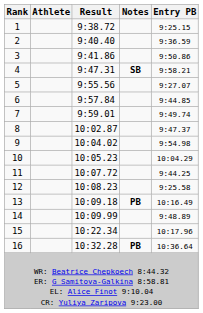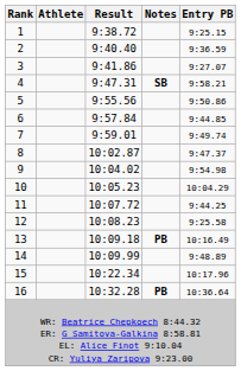 <table class="wikitable sortable" style="text-align:center;">
 <tr>
 <th>Rank</th>
 <th>Athlete</th>
 <th>Result</th>
 <th>Notes</th>
 <th>Entry PB</th>
 </tr>
 <tr>
 <td>1</td>
 <td align=left></td>
 <td>9:38.72</td>
 <td></td>
 <td><small>9:25.15</small></td>
 </tr>
 <tr>
 <td>2</td>
 <td align=left></td>
 <td>9:40.40</td>
 <td></td>
 <td><small>9:36.59</small></td>
 </tr>
 <tr>
 <td>3</td>
 <td align=left></td>
 <td>9:41.86</td>
 <td></td>
-<td><small>9:50.86</small></td>
+<td><small>9:27.07</small></td>
 </tr>
 <tr>
 <td>4</td>
 <td align=left></td>
 <td>9:47.31</td>
 <td><strong>SB</strong></td>
 <td><small>9:58.21</small></td>
 </tr>
 <tr>
 <td>5</td>
 <td align=left></td>
 <td>9:55.56</td>
 <td></td>
-<td><small>9:27.07</small></td>
+<td><small>9:50.86</small></td>
 </tr>
 <tr>
 <td>6</td>
 <td align=left></td>
 <td>9:57.84</td>
 <td></td>
 <td><small>9:44.85</small></td>
 </tr>
 <tr>
 <td>7</td>
 <td align=left></td>
 <td>9:59.01</td>
 <td></td>
 <td><small>9:49.74</small></td>
 </tr>
 <tr>
 <td>8</td>
 <td align=left></td>
 <td>10:02.87</td>
 <td></td>
 <td><small>9:47.37</small></td>
 </tr>
 <tr>
 <td>9</td>
 <td align=left></td>
 <td>10:04.02</td>
 <td></td>
 <td><small>9:54.98</small></td>
 </tr>
 <tr>
 <td>10</td>
 <td align=left></td>
 <td>10:05.23</td>
 <td></td>
 <td><small>10:04.29</small></td>
 </tr>
 <tr>
 <td>11</td>
 <td align=left></td>
 <td>10:07.72</td>
 <td></td>
 <td><small>9:44.25</small></td>
 </tr>
 <tr>
 <td>12</td>
 <td align=left></td>
 <td>10:08.23</td>
 <td></td>
 <td><small>9:25.58</small></td>
 </tr>
 <tr>
 <td>13</td>
 <td align=left></td>
 <td>10:09.18</td>
 <td><strong>PB</strong></td>
 <td><small>10:16.49</small></td>
 </tr>
 <tr>
 <td>14</td>
 <td align=left></td>
 <td>10:09.99</td>
 <td></td>
 <td><small>9:48.89</small></td>
 </tr>
 <tr>
 <td>15</td>
 <td align=left></td>
 <td>10:22.34</td>
 <td></td>
 <td><small>10:17.96</small></td>
 </tr>
 <tr>
 <td>16</td>
 <td align=left></td>
 <td>10:32.28</td>
 <td><strong>PB</strong></td>
 <td><small>10:36.64</small></td>
 </tr>
 <tr class="sortbottom">
 <td colspan="5" bgcolor="#cccccc"><br> <small>WR:   <a href='#'>Beatrice Chepkoech</a> 8:44.32<br>ER:  <a href='#'>G Samitova-Galkina</a> 8:58.81<br></small> <small>EL:   <a href='#'>Alice Finot</a> 9:10.04<br>CR:  <a href='#'>Yuliya Zaripova</a> 9:23.00</small></td>
 </tr>
 </table>
